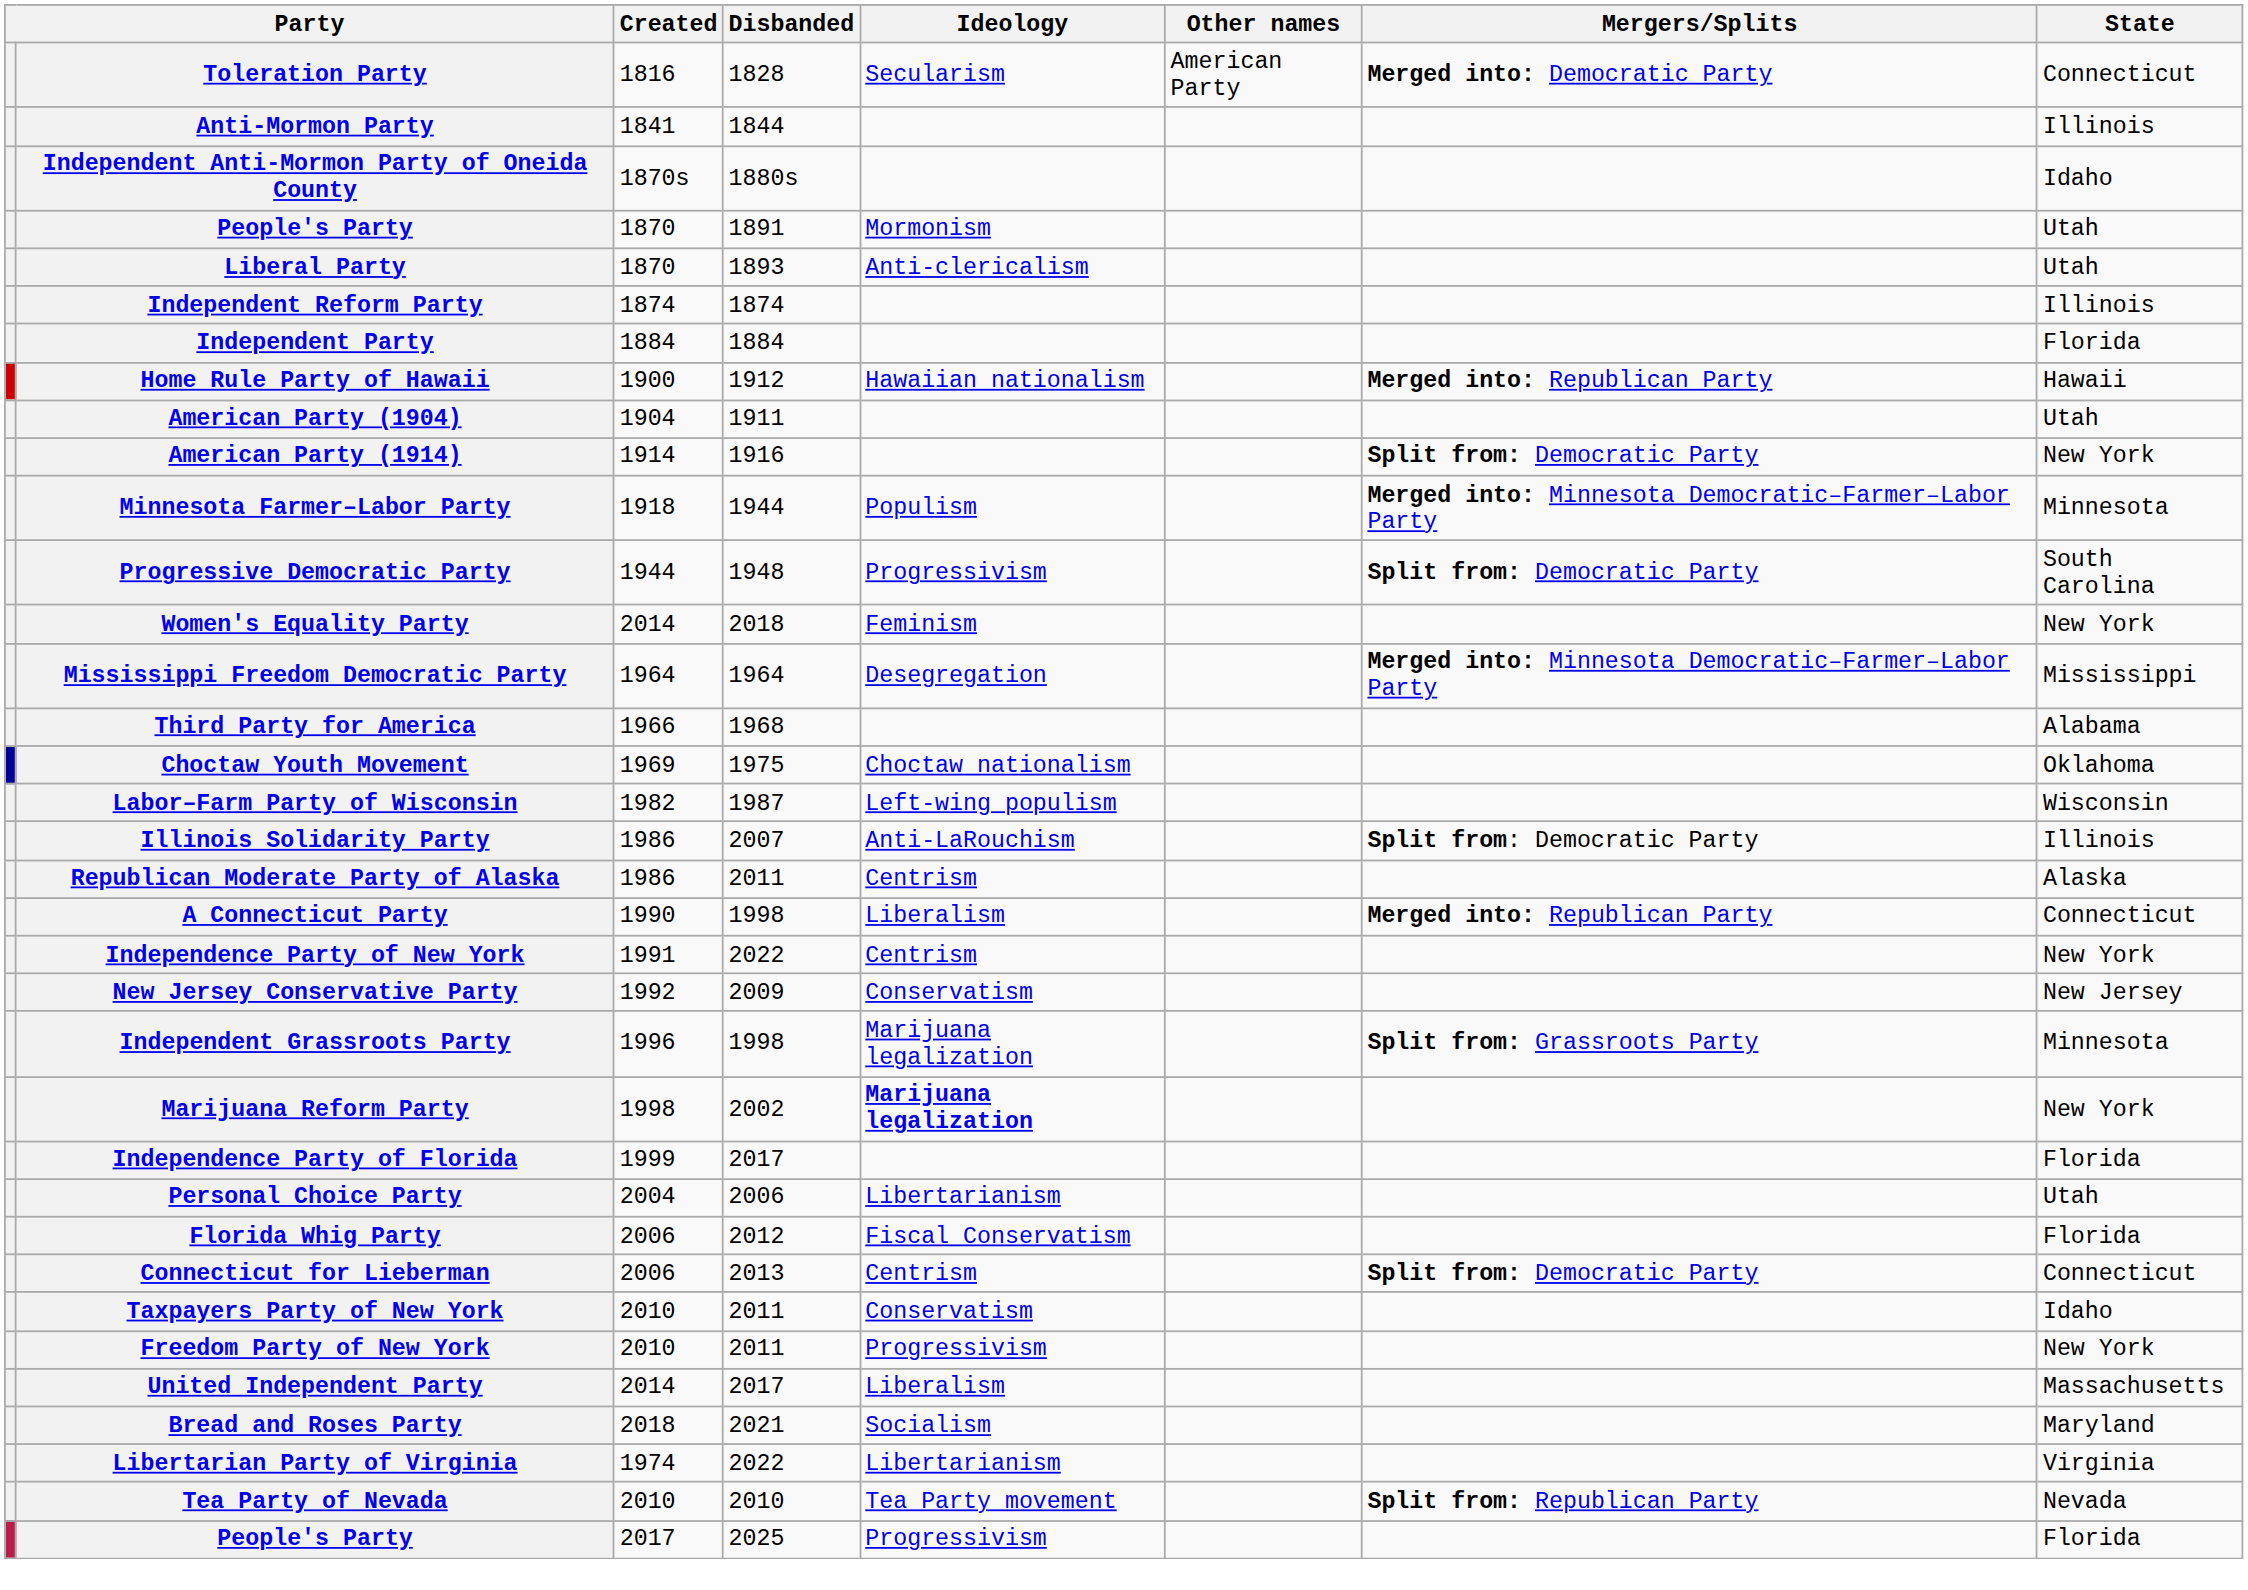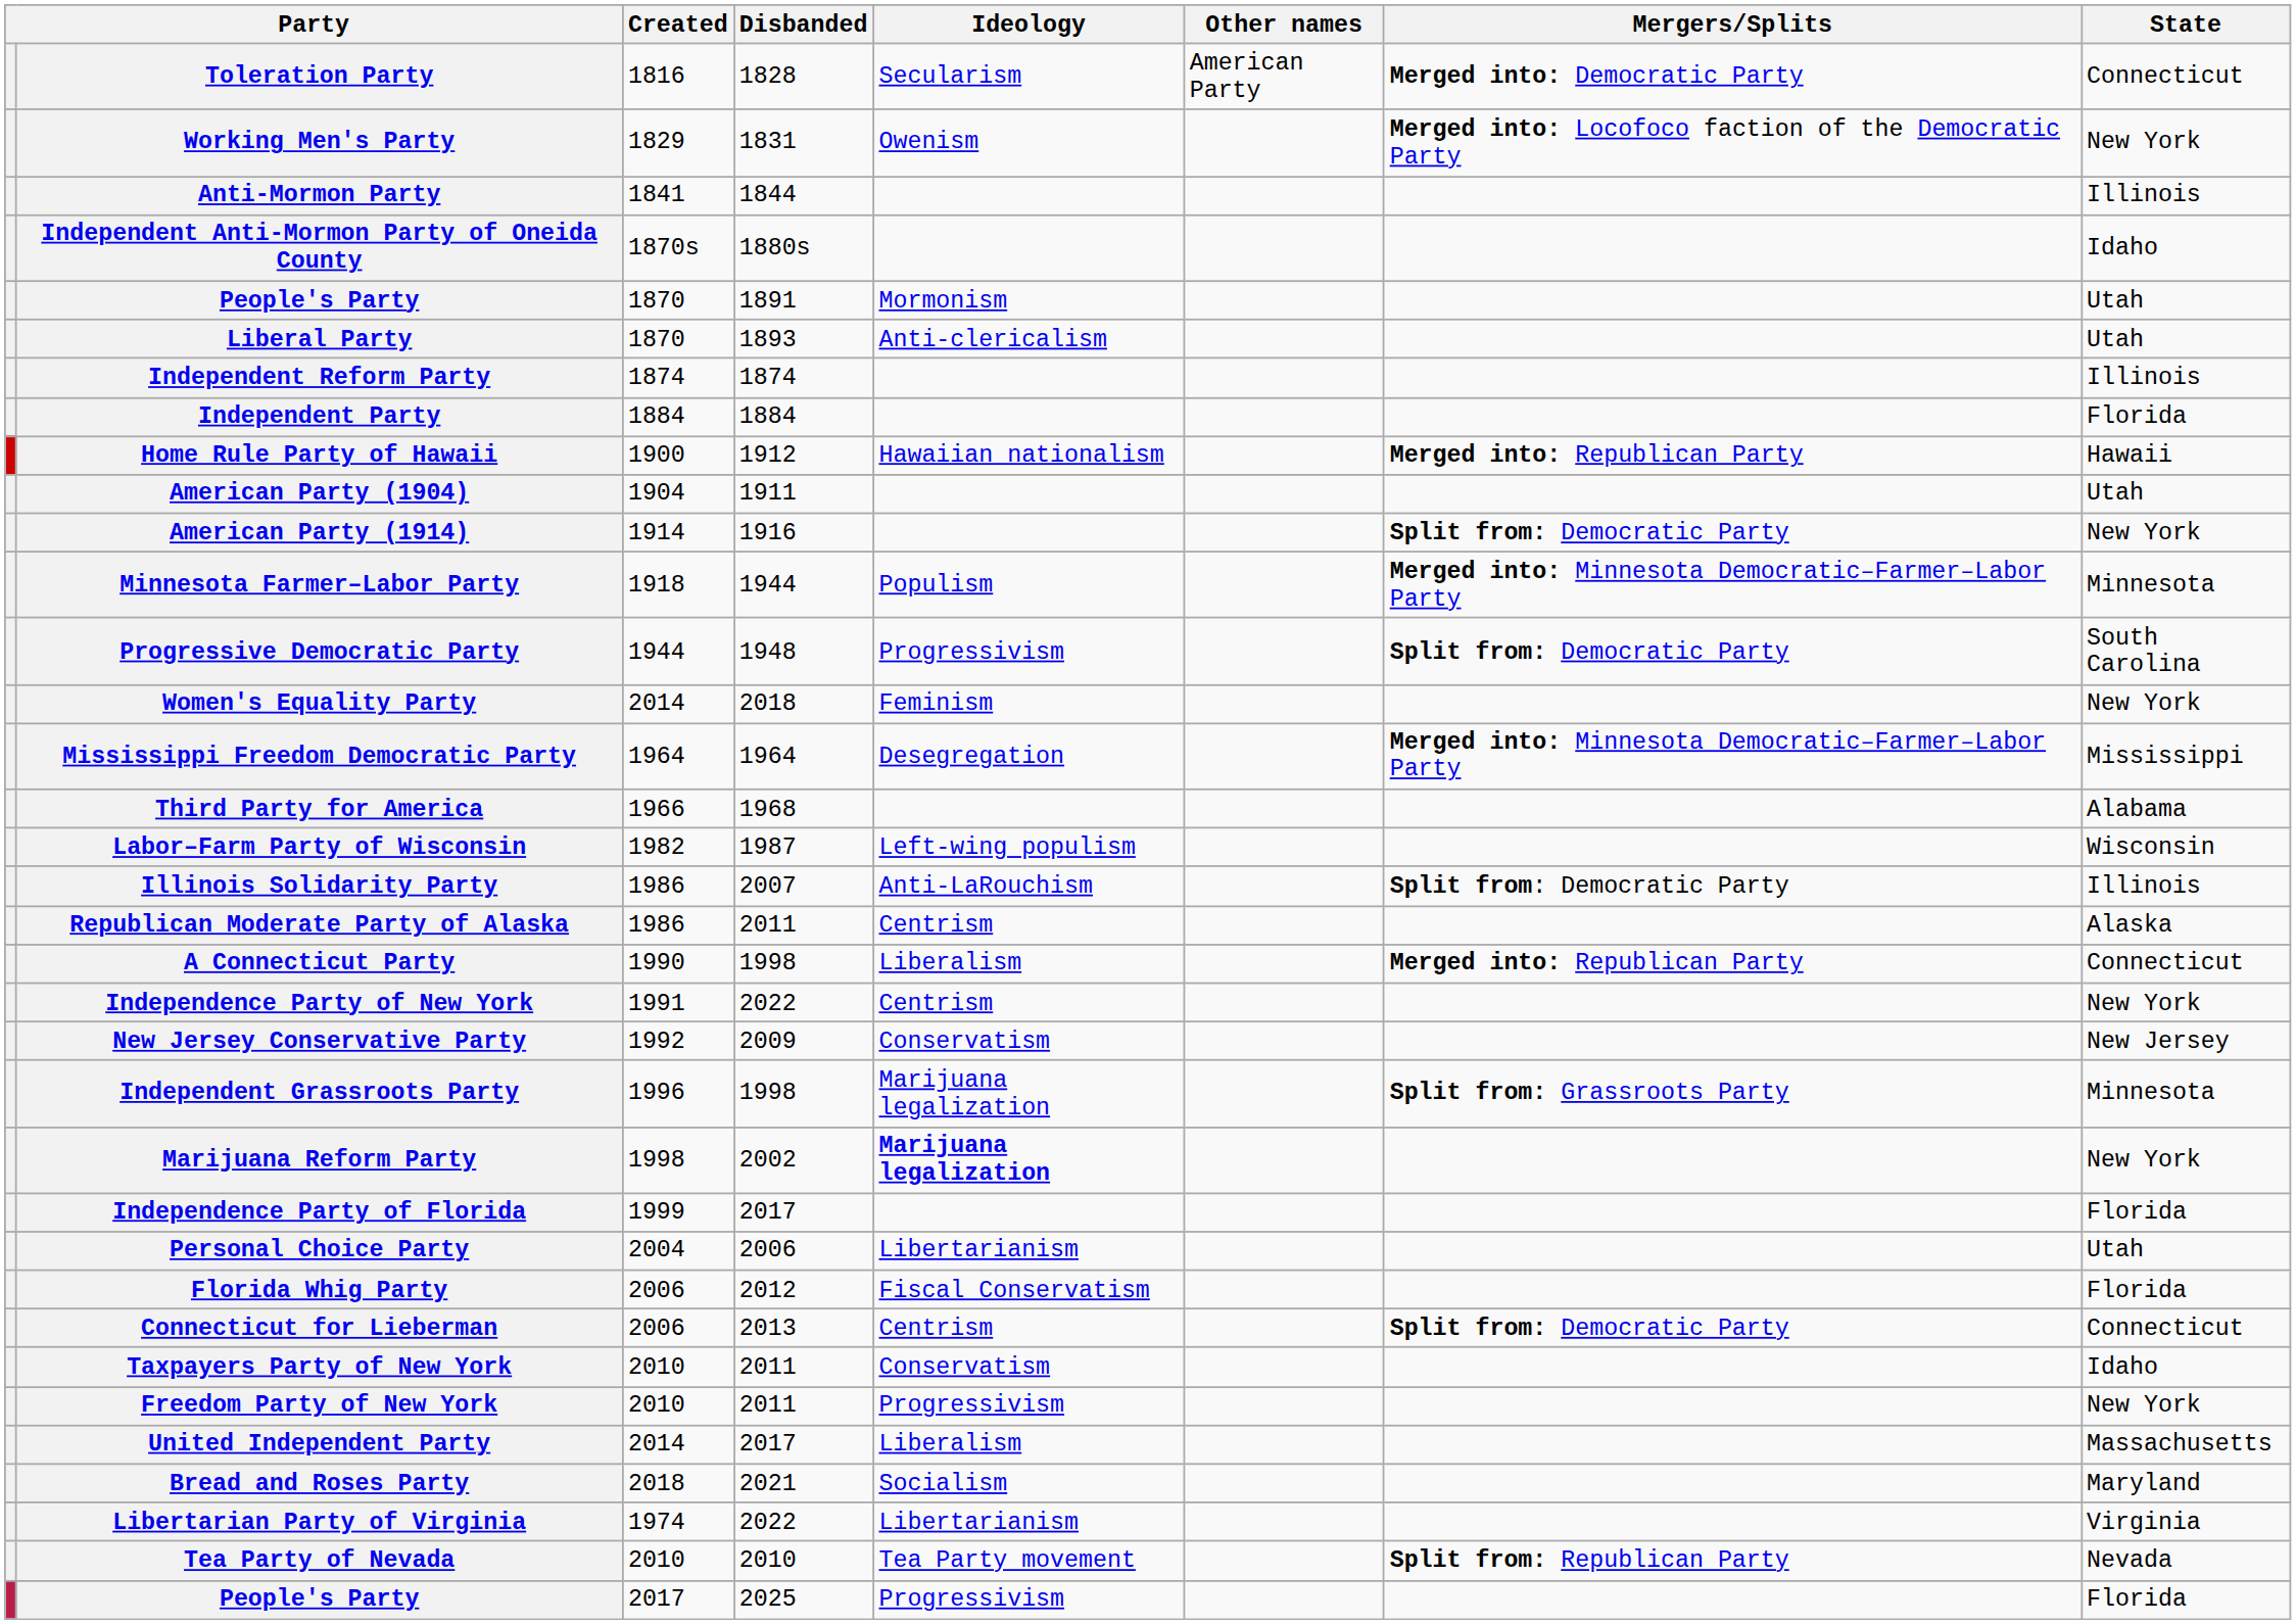 <table class="wikitable sortable plainrowheaders">
 <tr>
 <th scope="col" colspan="2">Party</th>
 <th scope="col">Created</th>
 <th scope="col">Disbanded</th>
 <th scope="col">Ideology</th>
 <th scope="col">Other names</th>
 <th scope="col">Mergers/Splits</th>
 <th scope="col">State</th>
 </tr>
 <tr>
 <th style="background-color:"></th>
 <th scope="row"><a href='#'>Toleration Party</a></th>
 <td>1816</td>
 <td>1828</td>
 <td><a href='#'>Secularism</a></td>
 <td>American Party</td>
 <td><strong>Merged into:</strong> <a href='#'>Democratic Party</a></td>
 <td>Connecticut</td>
+</tr>
+<tr>
+<th style="background-color:"></th>
+<th scope="row"><a href='#'>Working Men's Party</a></th>
+<td>1829</td>
+<td>1831</td>
+<td><a href='#'>Owenism</a></td>
+<td></td>
+<td><strong>Merged into:</strong> <a href='#'>Locofoco</a> faction of the <a href='#'>Democratic Party</a></td>
+<td>New York</td>
 </tr>
 <tr>
 <th style="background-color:"></th>
 <th scope="row"><a href='#'>Anti-Mormon Party</a></th>
 <td>1841</td>
 <td>1844</td>
 <td></td>
 <td></td>
 <td></td>
 <td>Illinois</td>
 </tr>
 <tr>
 <th style="background-color:"></th>
 <th scope="row"><a href='#'>Independent Anti-Mormon Party of Oneida County</a></th>
 <td>1870s</td>
 <td>1880s</td>
 <td></td>
 <td></td>
 <td></td>
 <td>Idaho</td>
 </tr>
 <tr>
 <th style="background-color:"></th>
 <th scope="row"><a href='#'>People's Party</a></th>
 <td>1870</td>
 <td>1891</td>
 <td><a href='#'>Mormonism</a></td>
 <td></td>
 <td></td>
 <td>Utah</td>
 </tr>
 <tr>
 <th style="background-color:"></th>
 <th scope="row"><a href='#'>Liberal Party</a></th>
 <td>1870</td>
 <td>1893</td>
 <td><a href='#'>Anti-clericalism</a></td>
 <td></td>
 <td></td>
 <td>Utah</td>
 </tr>
 <tr>
 <th style="background-color:"></th>
 <th scope="row"><a href='#'>Independent Reform Party</a></th>
 <td>1874</td>
 <td>1874</td>
 <td></td>
 <td></td>
 <td></td>
 <td>Illinois</td>
 </tr>
 <tr>
 <th style="background-color:"></th>
 <th scope="row"><a href='#'>Independent Party</a></th>
 <td>1884</td>
 <td>1884</td>
 <td></td>
 <td></td>
 <td></td>
 <td>Florida</td>
 </tr>
 <tr>
 <th style="background-color:#CC0000"></th>
 <th scope="row"><a href='#'>Home Rule Party of Hawaii</a></th>
 <td>1900</td>
 <td>1912</td>
 <td><a href='#'>Hawaiian nationalism</a></td>
 <td></td>
 <td><strong>Merged into:</strong> <a href='#'>Republican Party</a></td>
 <td>Hawaii</td>
 </tr>
 <tr>
 <th style="background-color:"></th>
 <th scope="row"><a href='#'>American Party (1904)</a></th>
 <td>1904</td>
 <td>1911</td>
 <td></td>
 <td></td>
 <td></td>
 <td>Utah</td>
 </tr>
 <tr>
 <th style="background-color:"></th>
 <th scope="row"><a href='#'>American Party (1914)</a></th>
 <td>1914</td>
 <td>1916</td>
 <td></td>
 <td></td>
 <td><strong>Split from:</strong> <a href='#'>Democratic Party</a></td>
 <td>New York</td>
 </tr>
 <tr>
 <th style="background-color:"></th>
 <th scope="row"><a href='#'>Minnesota Farmer–Labor Party</a></th>
 <td>1918</td>
 <td>1944</td>
 <td><a href='#'>Populism</a></td>
 <td></td>
 <td><strong>Merged into:</strong> <a href='#'>Minnesota Democratic–Farmer–Labor Party</a></td>
 <td>Minnesota</td>
 </tr>
 <tr>
 <th style="background-color:"></th>
 <th scope="row"><a href='#'>Progressive Democratic Party</a></th>
 <td>1944</td>
 <td>1948</td>
 <td><a href='#'>Progressivism</a></td>
 <td></td>
 <td><strong>Split from:</strong> <a href='#'>Democratic Party</a></td>
 <td>South Carolina</td>
 </tr>
 <tr>
 <th style="background-color:"></th>
 <th scope="row"><a href='#'>Women's Equality Party</a></th>
 <td>2014</td>
 <td>2018</td>
 <td><a href='#'>Feminism</a></td>
 <td></td>
 <td></td>
 <td>New York</td>
 </tr>
 <tr>
 <th style="background-color:"></th>
 <th scope="row"><a href='#'>Mississippi Freedom Democratic Party</a></th>
 <td>1964</td>
 <td>1964</td>
 <td><a href='#'>Desegregation</a></td>
 <td></td>
 <td><strong>Merged into:</strong> <a href='#'>Minnesota Democratic–Farmer–Labor Party</a></td>
 <td>Mississippi</td>
 </tr>
 <tr>
 <th style="background-color:"></th>
 <th scope="row"><a href='#'>Third Party for America</a></th>
 <td>1966</td>
 <td>1968</td>
 <td></td>
 <td></td>
 <td></td>
 <td>Alabama</td>
-</tr>
-<tr>
-<th style="background-color:#000099"></th>
-<th scope="row"><a href='#'>Choctaw Youth Movement</a></th>
-<td>1969</td>
-<td>1975</td>
-<td><a href='#'>Choctaw nationalism</a></td>
-<td></td>
-<td></td>
-<td>Oklahoma</td>
 </tr>
 <tr>
 <th style="background-color:"></th>
 <th scope="row"><a href='#'>Labor–Farm Party of Wisconsin</a></th>
 <td>1982</td>
 <td>1987</td>
 <td><a href='#'>Left-wing populism</a></td>
 <td></td>
 <td></td>
 <td>Wisconsin</td>
 </tr>
 <tr>
 <th style="background-color:"></th>
 <th scope="row"><a href='#'>Illinois Solidarity Party</a></th>
 <td>1986</td>
 <td>2007</td>
 <td><a href='#'>Anti-LaRouchism</a></td>
 <td></td>
 <td><strong>Split from</strong>: Democratic Party</td>
 <td>Illinois</td>
 </tr>
 <tr>
 <th style="background-color:"></th>
 <th scope="row"><a href='#'>Republican Moderate Party of Alaska</a></th>
 <td>1986</td>
 <td>2011</td>
 <td><a href='#'>Centrism</a></td>
 <td></td>
 <td></td>
 <td>Alaska</td>
 </tr>
 <tr>
 <th style="background-color:"></th>
 <th scope="row"><a href='#'>A Connecticut Party</a></th>
 <td>1990</td>
 <td>1998</td>
 <td><a href='#'>Liberalism</a></td>
 <td></td>
 <td><strong>Merged into:</strong> <a href='#'>Republican Party</a></td>
 <td>Connecticut</td>
 </tr>
 <tr>
 <th style="background-color:"></th>
 <th scope="row"><a href='#'>Independence Party of New York</a></th>
 <td>1991</td>
 <td>2022</td>
 <td><a href='#'>Centrism</a></td>
 <td></td>
 <td></td>
 <td>New York</td>
 </tr>
 <tr>
 <th style="background-color:"></th>
 <th scope="row"><a href='#'>New Jersey Conservative Party</a></th>
 <td>1992</td>
 <td>2009</td>
 <td><a href='#'>Conservatism</a></td>
 <td></td>
 <td></td>
 <td>New Jersey</td>
 </tr>
 <tr>
 <th style="background-color:"></th>
 <th scope="row"><a href='#'>Independent Grassroots Party</a></th>
 <td>1996</td>
 <td>1998</td>
 <td><a href='#'>Marijuana legalization</a></td>
 <td></td>
 <td><strong>Split from:</strong> <a href='#'>Grassroots Party</a></td>
 <td>Minnesota</td>
 </tr>
 <tr>
 <th style="background-color:"></th>
 <th scope="row"><a href='#'>Marijuana Reform Party</a></th>
 <td>1998</td>
 <td>2002</td>
 <td><strong><a href='#'>Marijuana legalization</a></strong></td>
 <td></td>
 <td></td>
 <td>New York</td>
 </tr>
 <tr>
 <th style="background-color:"></th>
 <th scope="row"><a href='#'>Independence Party of Florida</a></th>
 <td>1999</td>
 <td>2017</td>
 <td></td>
 <td></td>
 <td></td>
 <td>Florida</td>
 </tr>
 <tr>
 <th style="background-color:"></th>
 <th scope="row"><a href='#'>Personal Choice Party</a></th>
 <td>2004</td>
 <td>2006</td>
 <td><a href='#'>Libertarianism</a></td>
 <td></td>
 <td></td>
 <td>Utah</td>
 </tr>
 <tr>
 <th style="background-color:"></th>
 <th scope="row"><a href='#'>Florida Whig Party</a></th>
 <td>2006</td>
 <td>2012</td>
 <td><a href='#'>Fiscal Conservatism</a></td>
 <td></td>
 <td></td>
 <td>Florida</td>
 </tr>
 <tr>
 <th style="background-color:"></th>
 <th scope="row"><a href='#'>Connecticut for Lieberman</a></th>
 <td>2006</td>
 <td>2013</td>
 <td><a href='#'>Centrism</a></td>
 <td></td>
 <td><strong>Split from:</strong> <a href='#'>Democratic Party</a></td>
 <td>Connecticut</td>
 </tr>
 <tr>
 <th style="background-color:"></th>
 <th scope="row"><a href='#'>Taxpayers Party of New York</a></th>
 <td>2010</td>
 <td>2011</td>
 <td><a href='#'>Conservatism</a></td>
 <td></td>
 <td></td>
 <td>Idaho</td>
 </tr>
 <tr>
 <th style="background-color:"></th>
 <th scope="row"><a href='#'>Freedom Party of New York</a></th>
 <td>2010</td>
 <td>2011</td>
 <td><a href='#'>Progressivism</a></td>
 <td></td>
 <td></td>
 <td>New York</td>
 </tr>
 <tr>
 <th style="background-color:"></th>
 <th scope="row"><a href='#'>United Independent Party</a></th>
 <td>2014</td>
 <td>2017</td>
 <td><a href='#'>Liberalism</a></td>
 <td></td>
 <td></td>
 <td>Massachusetts</td>
 </tr>
 <tr>
 <th></th>
 <th scope="row"><a href='#'>Bread and Roses Party</a></th>
 <td>2018</td>
 <td>2021</td>
 <td><a href='#'>Socialism</a></td>
 <td></td>
 <td></td>
 <td>Maryland</td>
 </tr>
 <tr>
 <th style="background-color:"></th>
 <th scope="row"><a href='#'>Libertarian Party of Virginia</a></th>
 <td>1974</td>
 <td>2022</td>
 <td><a href='#'>Libertarianism</a></td>
 <td></td>
 <td></td>
 <td>Virginia</td>
 </tr>
 <tr>
 <th style="background-color:"></th>
 <th scope="row"><a href='#'>Tea Party of Nevada</a></th>
 <td>2010</td>
 <td>2010</td>
 <td><a href='#'>Tea Party movement</a></td>
 <td></td>
 <td><strong>Split from:</strong> <a href='#'>Republican Party</a></td>
 <td>Nevada</td>
 </tr>
 <tr>
 <th style="background-color:#ba1e48 "></th>
 <th scope="row"><a href='#'>People's Party</a></th>
 <td>2017</td>
 <td>2025</td>
 <td><a href='#'>Progressivism</a></td>
 <td></td>
 <td></td>
 <td>Florida</td>
 </tr>
 </table>
